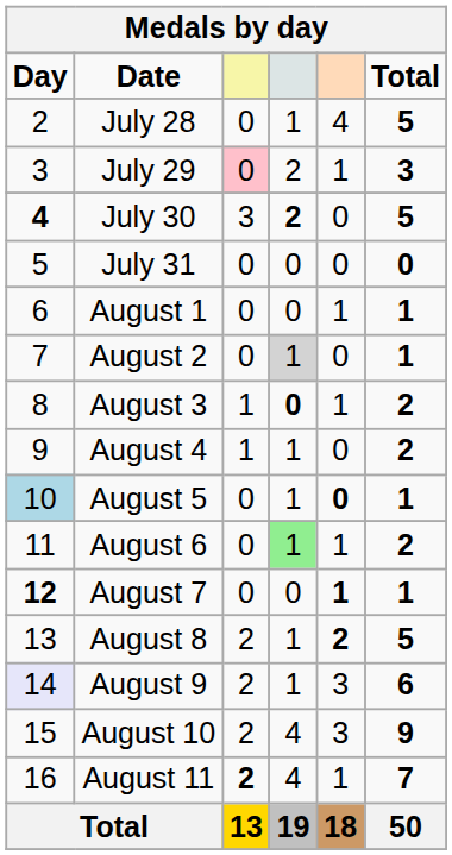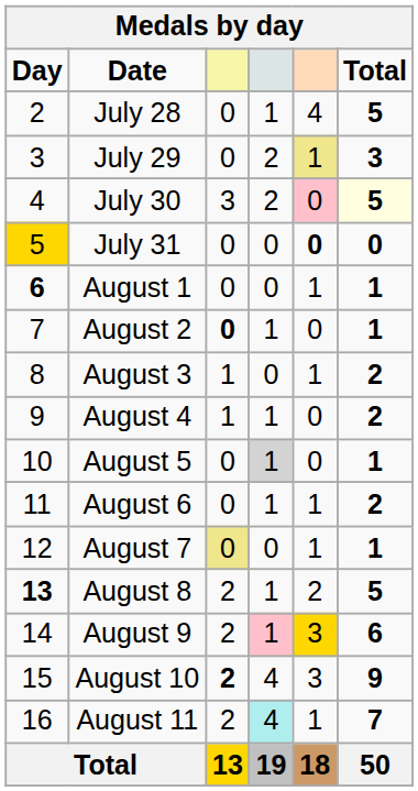 <table class=wikitable style="font-size:85%; float:right;text-align:center">
 <tr>
 <th colspan=7><strong>Medals by day</strong></th>
 </tr>
 <tr>
 <td><strong>Day</strong></td>
 <td><strong>Date</strong></td>
 <td bgcolor=F7F6A8></td>
 <td bgcolor=DCE5E5></td>
 <td bgcolor=FFDAB9></td>
 <td><strong>Total</strong></td>
 </tr>
 <tr>
 <td>2</td>
 <td>July 28</td>
 <td>0</td>
 <td>1</td>
 <td>4</td>
 <td><strong>5</strong></td>
 </tr>
 <tr>
 <td>3</td>
 <td>July 29</td>
-<td style="background: pink;">0</td>
+<td>0</td>
 <td>2</td>
-<td>1</td>
+<td style="background: khaki;">1</td>
 <td><strong>3</strong></td>
 </tr>
 <tr>
-<td><strong>4</strong></td>
+<td>4</td>
 <td>July 30</td>
 <td>3</td>
-<td><strong>2</strong></td>
-<td>0</td>
-<td><strong>5</strong></td>
+<td>2</td>
+<td style="background: pink;">0</td>
+<td style="background: lightyellow;"><strong>5</strong></td>
 </tr>
 <tr>
-<td>5</td>
+<td style="background: gold;">5</td>
 <td>July 31</td>
 <td>0</td>
 <td>0</td>
-<td>0</td>
+<td><strong>0</strong></td>
 <td><strong>0</strong></td>
 </tr>
 <tr>
-<td>6</td>
+<td><strong>6</strong></td>
 <td>August 1</td>
 <td>0</td>
 <td>0</td>
 <td>1</td>
 <td><strong>1</strong></td>
 </tr>
 <tr>
 <td>7</td>
 <td>August 2</td>
-<td>0</td>
-<td style="background: lightgrey;">1</td>
+<td><strong>0</strong></td>
+<td>1</td>
 <td>0</td>
 <td><strong>1</strong></td>
 </tr>
 <tr>
 <td>8</td>
 <td>August 3</td>
 <td>1</td>
-<td><strong>0</strong></td>
+<td>0</td>
 <td>1</td>
 <td><strong>2</strong></td>
 </tr>
 <tr>
 <td>9</td>
 <td>August 4</td>
 <td>1</td>
 <td>1</td>
 <td>0</td>
 <td><strong>2</strong></td>
 </tr>
 <tr>
-<td style="background: lightblue;">10</td>
+<td>10</td>
 <td>August 5</td>
 <td>0</td>
-<td>1</td>
-<td><strong>0</strong></td>
+<td style="background: lightgrey;">1</td>
+<td>0</td>
 <td><strong>1</strong></td>
 </tr>
 <tr>
 <td>11</td>
 <td>August 6</td>
 <td>0</td>
-<td style="background: lightgreen;">1</td>
+<td>1</td>
 <td>1</td>
 <td><strong>2</strong></td>
 </tr>
 <tr>
-<td><strong>12</strong></td>
+<td>12</td>
 <td>August 7</td>
+<td style="background: khaki;">0</td>
 <td>0</td>
-<td>0</td>
-<td><strong>1</strong></td>
+<td>1</td>
 <td><strong>1</strong></td>
 </tr>
 <tr>
-<td>13</td>
+<td><strong>13</strong></td>
 <td>August 8</td>
 <td>2</td>
 <td>1</td>
-<td><strong>2</strong></td>
+<td>2</td>
 <td><strong>5</strong></td>
 </tr>
 <tr>
-<td style="background: lavender;">14</td>
+<td>14</td>
 <td>August 9</td>
 <td>2</td>
-<td>1</td>
-<td>3</td>
+<td style="background: pink;">1</td>
+<td style="background: gold;">3</td>
 <td><strong>6</strong></td>
 </tr>
 <tr>
 <td>15</td>
 <td>August 10</td>
-<td>2</td>
+<td><strong>2</strong></td>
 <td>4</td>
 <td>3</td>
 <td><strong>9</strong></td>
 </tr>
 <tr>
 <td>16</td>
 <td>August 11</td>
-<td><strong>2</strong></td>
-<td>4</td>
+<td>2</td>
+<td style="background: paleturquoise;">4</td>
 <td>1</td>
 <td><strong>7</strong></td>
 </tr>
 <tr>
 <th colspan=2><strong>Total</strong></th>
 <th style=background:gold><strong>13</strong></th>
 <th style=background:silver><strong>19</strong></th>
 <th style=background:#C96><strong>18</strong></th>
 <th><strong>50</strong></th>
 </tr>
 </table>
